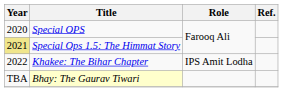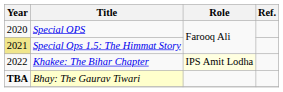 <table class="wikitable">
 <tr>
 <th>Year</th>
 <th>Title</th>
 <th>Role</th>
 <th>Ref.</th>
 </tr>
 <tr>
 <td>2020</td>
 <td><em><a href='#'>Special OPS</a></em></td>
 <td rowspan="2">Farooq Ali</td>
 <td></td>
 </tr>
 <tr>
 <td style="background: khaki;">2021</td>
 <td><em><a href='#'>Special Ops 1.5: The Himmat Story</a></em></td>
 <td></td>
 </tr>
 <tr>
 <td>2022</td>
 <td><em><a href='#'>Khakee: The Bihar Chapter</a></em></td>
-<td>IPS Amit Lodha</td>
+<td style="background: lightyellow;">IPS Amit Lodha</td>
 <td></td>
 </tr>
 <tr>
-<td>TBA</td>
+<td><strong>TBA</strong></td>
 <td scope="row" style="background:#FFFFCC;"><em>Bhay: The Gaurav Tiwari</em> </td>
 <td></td>
 <td></td>
 </tr>
 <tr>
 </tr>
 </table>
